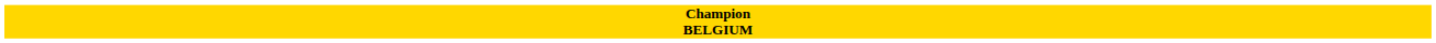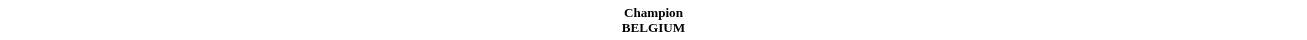 <table cellspacing=0 width=100%>
 <tr>
 <td align=center></td>
 </tr>
 <tr>
-<td align=center style="background: gold;"><strong>Champion<br>BELGIUM</strong></td>
+<td align=center><strong>Champion<br>BELGIUM</strong></td>
 </tr>
 </table>
